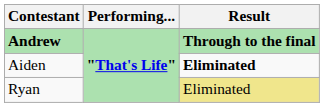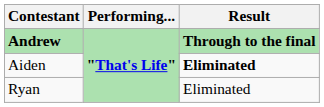 <table class="wikitable">
 <tr>
 <th>Contestant</th>
 <th>Performing...</th>
 <th>Result</th>
 </tr>
 <tr>
 <td style="background:#ACE1AF;"><strong>Andrew</strong></td>
 <td rowspan="3" style="background:#ACE1AF;"><strong>"<a href='#'>That's Life</a>"</strong></td>
 <td style="background:#ACE1AF;"><strong>Through to the final</strong></td>
 </tr>
 <tr>
 <td>Aiden</td>
 <td><strong>Eliminated</strong></td>
 </tr>
 <tr>
 <td>Ryan</td>
-<td style="background: khaki;">Eliminated</td>
+<td>Eliminated</td>
 </tr>
 </table>
